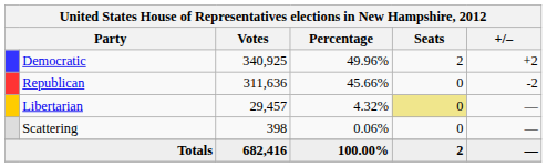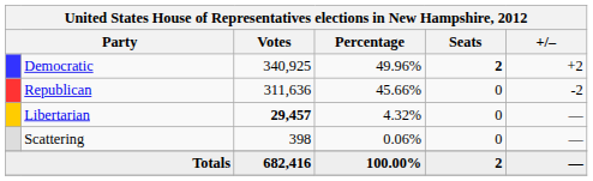 <table class="wikitable" style="font-size: 95%;">
 <tr>
 <th colspan="6">United States House of Representatives elections in New Hampshire, 2012</th>
 </tr>
 <tr>
 <th colspan=2 style="width: 15em">Party</th>
 <th style="width: 5em">Votes</th>
 <th style="width: 7em">Percentage</th>
 <th style="width: 5em">Seats</th>
 <th style="width: 5em">+/–</th>
 </tr>
 <tr>
 <th style="background-color:#3333FF; width: 3px"></th>
 <td style="width: 130px"><a href='#'>Democratic</a></td>
 <td align="right">340,925</td>
 <td align="right">49.96%</td>
-<td align="right">2</td>
+<td align="right"><strong>2</strong></td>
 <td align="right">+2</td>
 </tr>
 <tr>
 <th style="background-color:#FF3333; width: 3px"></th>
 <td style="width: 130px"><a href='#'>Republican</a></td>
 <td align="right">311,636</td>
 <td align="right">45.66%</td>
 <td align="right">0</td>
 <td align="right">-2</td>
 </tr>
 <tr>
 <th style="background-color:#FFCC00; width: 3px"></th>
 <td style="width: 130px"><a href='#'>Libertarian</a></td>
-<td align="right">29,457</td>
+<td align="right"><strong>29,457</strong></td>
 <td align="right">4.32%</td>
-<td align="right" style="background: khaki;">0</td>
+<td align="right">0</td>
 <td align="right">—</td>
 </tr>
 <tr>
 <th style="background-color:#DDDDDD; width: 3px"></th>
 <td style="width: 130px">Scattering</td>
 <td align="right">398</td>
 <td align="right">0.06%</td>
 <td align="right">0</td>
 <td align="right">—</td>
 </tr>
 <tr>
 </tr>
 <tr bgcolor="#EEEEEE">
 <td colspan="2" align="right"><strong>Totals</strong></td>
 <td align="right"><strong>682,416</strong></td>
 <td align="right"><strong>100.00%</strong></td>
 <td align="right"><strong>2</strong></td>
 <td align="right"><strong>—</strong></td>
 </tr>
 <tr bgcolor="#EEEEEE">
 </tr>
 </table>
